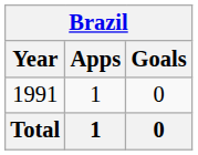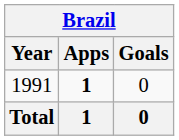 <table class="wikitable" style="text-align:center">
 <tr>
 <th colspan=3><a href='#'>Brazil</a></th>
 </tr>
 <tr>
 <th>Year</th>
 <th>Apps</th>
 <th>Goals</th>
 </tr>
 <tr>
 <td>1991</td>
-<td>1</td>
+<td><strong>1</strong></td>
 <td>0</td>
 </tr>
 <tr>
 <th>Total</th>
 <th>1</th>
 <th>0</th>
 </tr>
 </table>
